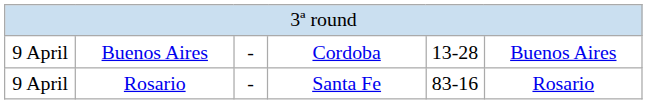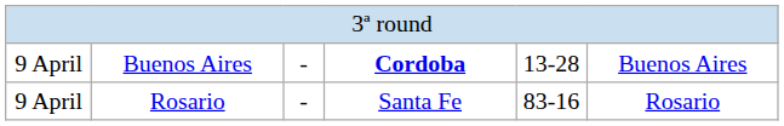 <table class="wikitable" style="text-align:center">
 <tr style="background:#cadff0;">
 <td style="text-align:center;" colspan="6">3ª round</td>
 </tr>
 <tr style="background:#fff;">
 <td width=50>9 April</td>
 <td width=120><a href='#'>Buenos Aires</a></td>
 <td width=20>-</td>
-<td width=120><a href='#'>Cordoba</a></td>
+<td width=120><strong><a href='#'>Cordoba</a></strong></td>
 <td width=40>13-28</td>
 <td width=120><a href='#'>Buenos Aires</a></td>
 </tr>
 <tr style="background:#fff;">
 <td width=50>9 April</td>
 <td width=120><a href='#'>Rosario</a></td>
 <td width=20>-</td>
 <td width=120><a href='#'>Santa Fe</a></td>
 <td width=40>83-16</td>
 <td width=120><a href='#'>Rosario</a></td>
 </tr>
 </table>
